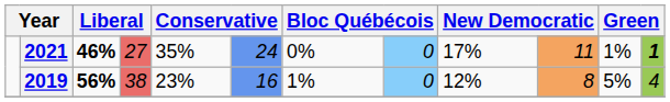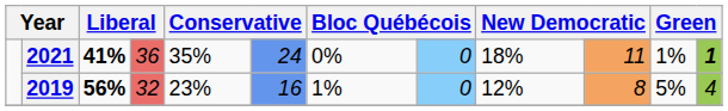 <table class="wikitable" style="width:400; font-size:90%; margin-left:1em;">
 <tr>
 <th colspan="2" scope="col">Year</th>
 <th colspan="2" scope="col"><a href='#'>Liberal</a></th>
 <th colspan="2" scope="col"><a href='#'>Conservative</a></th>
 <th colspan="2" scope="col"><a href='#'>Bloc Québécois</a></th>
 <th colspan="2" scope="col"><a href='#'>New Democratic</a></th>
 <th colspan="2" scope="col"><a href='#'>Green</a></th>
 </tr>
 <tr>
 <td rowspan="2" style="width: 0.25em; background-color: "></td>
 <th><a href='#'>2021</a></th>
-<td><strong>46%</strong></td>
-<td style="text-align:right; background:#EA6D6A;"><em>27</em></td>
+<td><strong>41%</strong></td>
+<td style="text-align:right; background:#EA6D6A;"><em>36</em></td>
 <td>35%</td>
 <td style="text-align:right; background:#6495ED;"><em>24</em></td>
 <td>0%</td>
 <td style="text-align:right; background:#87CEFA;"><em>0</em></td>
-<td>17%</td>
+<td>18%</td>
 <td style="text-align:right; background:#F4A460;"><em>11</em></td>
 <td>1%</td>
 <td style="text-align:right; background:#99C955;"><strong><em>1</em></strong></td>
 </tr>
 <tr>
 <th><a href='#'>2019</a></th>
 <td><strong>56%</strong></td>
-<td style="text-align:right; background:#EA6D6A;"><em>38</em></td>
+<td style="text-align:right; background:#EA6D6A;"><em>32</em></td>
 <td>23%</td>
 <td style="text-align:right; background:#6495ED;"><em>16</em></td>
 <td>1%</td>
 <td style="text-align:right; background:#87CEFA;"><em>0</em></td>
 <td>12%</td>
 <td style="text-align:right; background:#F4A460;"><em>8</em></td>
 <td>5%</td>
 <td style="text-align:right; background:#99C955;"><em>4</em></td>
 </tr>
 <tr>
 </tr>
 </table>
